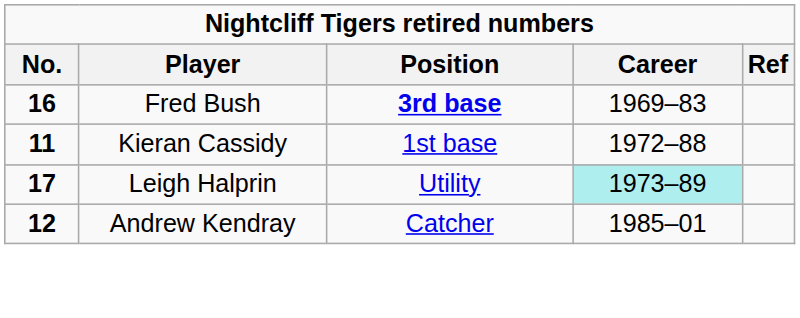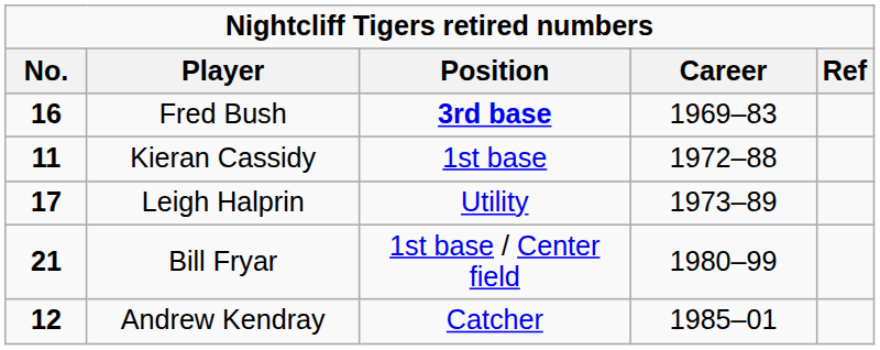 <table class="wikitable" style="text-align:center">
 <tr>
 <td colspan="5"><strong>Nightcliff Tigers retired numbers</strong></td>
 </tr>
 <tr>
 <th style="width:40px; ">No.</th>
 <th style="width:150px; ">Player</th>
 <th style="width:150px; ">Position</th>
 <th style="width:100px; ">Career</th>
 <th style="width:20px; ">Ref</th>
 </tr>
 <tr>
 <td><strong>16</strong></td>
 <td>Fred Bush</td>
 <td><strong><a href='#'>3rd base</a></strong></td>
 <td>1969–83</td>
 <td></td>
 </tr>
 <tr>
 <td><strong>11</strong></td>
 <td>Kieran Cassidy</td>
 <td><a href='#'>1st base</a></td>
 <td>1972–88</td>
 <td></td>
 </tr>
 <tr>
 <td><strong>17</strong></td>
 <td>Leigh Halprin</td>
 <td><a href='#'>Utility</a></td>
-<td style="background: paleturquoise;">1973–89</td>
+<td>1973–89</td>
+<td></td>
+</tr>
+<tr>
+<td><strong>21</strong></td>
+<td>Bill Fryar</td>
+<td><a href='#'>1st base</a> / <a href='#'>Center field</a></td>
+<td>1980–99</td>
 <td></td>
 </tr>
 <tr>
 <td><strong>12</strong></td>
 <td>Andrew Kendray</td>
 <td><a href='#'>Catcher</a></td>
 <td>1985–01</td>
 <td></td>
 </tr>
 </table>
